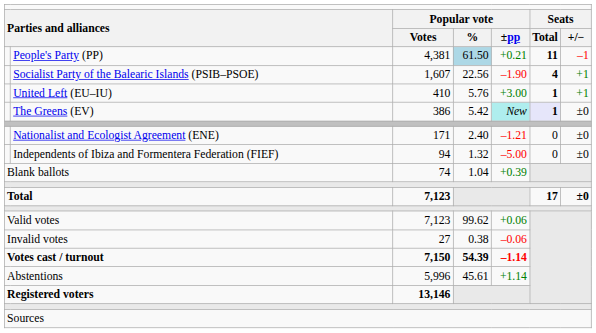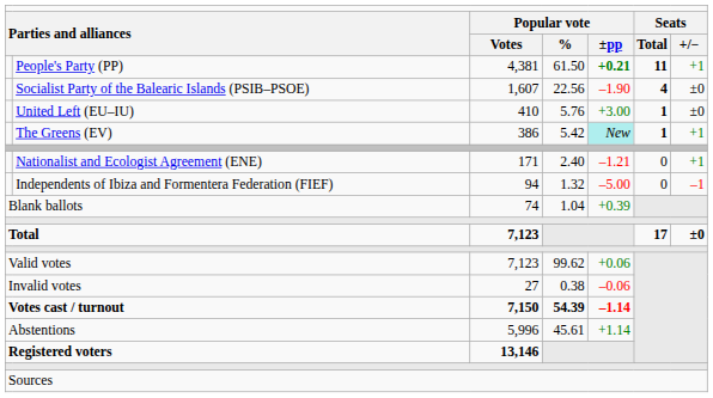 <table class="wikitable" style="text-align:right;">
 <tr>
 <td colspan="7"></td>
 </tr>
 <tr>
 <th style="text-align:left;" rowspan="2" colspan="2" width="525">Parties and alliances</th>
 <th colspan="3">Popular vote</th>
 <th colspan="2">Seats</th>
 </tr>
 <tr>
 <th width="75">Votes</th>
 <th width="45">%</th>
 <th width="45">±<a href='#'>pp</a></th>
 <th width="35">Total</th>
 <th width="35">+/−</th>
 </tr>
 <tr>
 <td width="1" style="color:inherit;background:"></td>
 <td align="left"><a href='#'>People's Party</a> (PP)</td>
 <td>4,381</td>
-<td style="background: lightblue;">61.50</td>
-<td style="color:green;">+0.21</td>
+<td>61.50</td>
+<td style="color:green;"><strong>+0.21</strong></td>
 <td><strong>11</strong></td>
-<td style="color:red;">–1</td>
+<td style="color:green;">+1</td>
 </tr>
 <tr>
 <td style="color:inherit;background:"></td>
 <td align="left"><a href='#'>Socialist Party of the Balearic Islands</a> (PSIB–PSOE)</td>
 <td>1,607</td>
 <td>22.56</td>
 <td style="color:red;">–1.90</td>
 <td><strong>4</strong></td>
-<td style="color:green;">+1</td>
+<td>±0</td>
 </tr>
 <tr>
 <td style="color:inherit;background:"></td>
 <td align="left"><a href='#'>United Left</a> (EU–IU)</td>
 <td>410</td>
 <td>5.76</td>
 <td style="color:green;">+3.00</td>
 <td><strong>1</strong></td>
-<td style="color:green;">+1</td>
+<td>±0</td>
 </tr>
 <tr>
 <td style="color:inherit;background:"></td>
 <td align="left"><a href='#'>The Greens</a> (EV)</td>
 <td>386</td>
 <td>5.42</td>
 <td style="background: paleturquoise;"><em>New</em></td>
-<td style="background: lavender;"><strong>1</strong></td>
-<td>±0</td>
+<td><strong>1</strong></td>
+<td style="color:green;">+1</td>
 </tr>
 <tr>
 <td colspan="7" bgcolor="#C0C0C0"></td>
 </tr>
 <tr>
 <td style="color:inherit;background:"></td>
 <td align="left"><a href='#'>Nationalist and Ecologist Agreement</a> (ENE)</td>
 <td>171</td>
 <td>2.40</td>
 <td style="color:red;">–1.21</td>
 <td>0</td>
-<td>±0</td>
+<td style="color:green;">+1</td>
 </tr>
 <tr>
 <td style="color:inherit;background:"></td>
 <td align="left">Independents of Ibiza and Formentera Federation (FIEF)</td>
 <td>94</td>
 <td>1.32</td>
 <td style="color:red;">–5.00</td>
 <td>0</td>
-<td>±0</td>
+<td style="color:red;">–1</td>
 </tr>
 <tr>
 <td align="left" colspan="2">Blank ballots</td>
 <td>74</td>
 <td>1.04</td>
 <td style="color:green;">+0.39</td>
 <td bgcolor="#E9E9E9" colspan="2"></td>
 </tr>
 <tr>
 <td colspan="7" bgcolor="#E9E9E9"></td>
 </tr>
 <tr style="font-weight:bold;">
 <td align="left" colspan="2">Total</td>
 <td>7,123</td>
 <td bgcolor="#E9E9E9" colspan="2"></td>
 <td>17</td>
 <td>±0</td>
 </tr>
 <tr>
 <td colspan="7" bgcolor="#E9E9E9"></td>
 </tr>
 <tr>
 <td align="left" colspan="2">Valid votes</td>
 <td>7,123</td>
 <td>99.62</td>
 <td style="color:green;">+0.06</td>
 <td bgcolor="#E9E9E9" colspan="2" rowspan="5"></td>
 </tr>
 <tr>
 <td align="left" colspan="2">Invalid votes</td>
 <td>27</td>
 <td>0.38</td>
 <td style="color:red;">–0.06</td>
 </tr>
 <tr style="font-weight:bold;">
 <td align="left" colspan="2">Votes cast / turnout</td>
 <td>7,150</td>
 <td>54.39</td>
 <td style="color:red;">–1.14</td>
 </tr>
 <tr>
 <td align="left" colspan="2">Abstentions</td>
 <td>5,996</td>
 <td>45.61</td>
 <td style="color:green;">+1.14</td>
 </tr>
 <tr style="font-weight:bold;">
 <td align="left" colspan="2">Registered voters</td>
 <td>13,146</td>
 <td bgcolor="#E9E9E9" colspan="2"></td>
 </tr>
 <tr>
 <td colspan="7" bgcolor="#E9E9E9"></td>
 </tr>
 <tr>
 <td align="left" colspan="7">Sources</td>
 </tr>
 </table>
